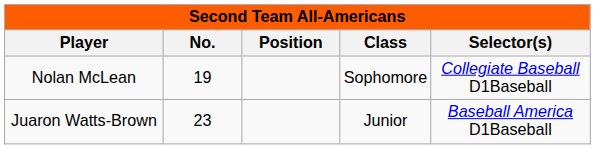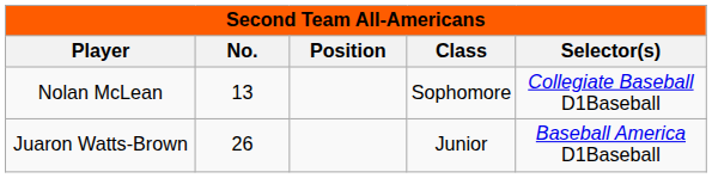 <table class="wikitable" style="text-align:center">
 <tr>
 <td colspan="5" style= "background: #FE5C00; color:black"><strong>Second Team All-Americans</strong></td>
 </tr>
 <tr>
 <th style="width:150px; ">Player</th>
 <th style="width:70px; ">No.</th>
 <th style="width:90px; ">Position</th>
 <th style="width:80px; ">Class</th>
 <th style="width:150px; ">Selector(s)</th>
 </tr>
 <tr>
 <td>Nolan McLean</td>
-<td>19</td>
+<td>13</td>
 <td></td>
 <td>Sophomore</td>
 <td><em><a href='#'>Collegiate Baseball</a></em><br>D1Baseball</td>
 </tr>
 <tr>
 <td>Juaron Watts-Brown</td>
-<td>23</td>
+<td>26</td>
 <td></td>
 <td>Junior</td>
 <td><em><a href='#'>Baseball America</a></em><br>D1Baseball</td>
 </tr>
 </table>
